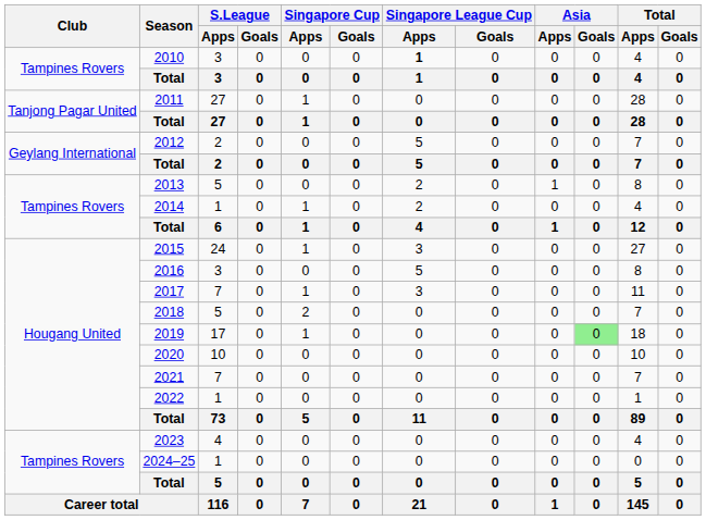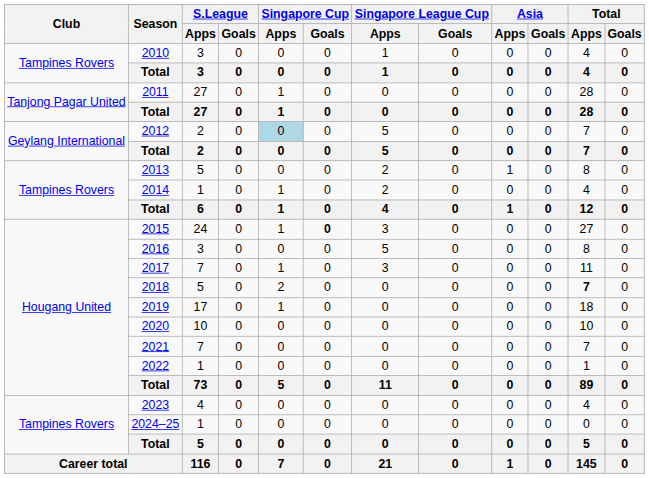 <table style="text-align:center" class="wikitable">
 <tr>
 <th rowspan="2">Club</th>
 <th rowspan="2">Season</th>
 <th colspan="2"><a href='#'>S.League</a></th>
 <th colspan="2"><a href='#'>Singapore Cup</a></th>
 <th colspan="2"><a href='#'>Singapore League Cup</a></th>
 <th colspan="2"><a href='#'>Asia</a></th>
 <th colspan="2">Total</th>
 </tr>
 <tr>
 <th>Apps</th>
 <th>Goals</th>
 <th>Apps</th>
 <th>Goals</th>
 <th>Apps</th>
 <th>Goals</th>
 <th>Apps</th>
 <th>Goals</th>
 <th>Apps</th>
 <th>Goals</th>
 </tr>
 <tr>
 <td rowspan="2"><a href='#'>Tampines Rovers</a></td>
 <td><a href='#'>2010</a></td>
 <td>3</td>
 <td>0</td>
 <td>0</td>
 <td>0</td>
-<td><strong>1</strong></td>
+<td>1</td>
 <td>0</td>
 <td>0</td>
 <td>0</td>
 <td>4</td>
 <td>0</td>
 </tr>
 <tr>
 <th>Total</th>
 <th>3</th>
 <th>0</th>
 <th>0</th>
 <th>0</th>
 <th>1</th>
 <th>0</th>
 <th>0</th>
 <th>0</th>
 <th>4</th>
 <th>0</th>
 </tr>
 <tr>
 <td rowspan="2"><a href='#'>Tanjong Pagar United</a></td>
 <td><a href='#'>2011</a></td>
 <td>27</td>
 <td>0</td>
 <td>1</td>
 <td>0</td>
 <td>0</td>
 <td>0</td>
 <td>0</td>
 <td>0</td>
 <td>28</td>
 <td>0</td>
 </tr>
 <tr>
 <th>Total</th>
 <th>27</th>
 <th>0</th>
 <th>1</th>
 <th>0</th>
 <th>0</th>
 <th>0</th>
 <th>0</th>
 <th>0</th>
 <th>28</th>
 <th>0</th>
 </tr>
 <tr>
 <td rowspan="2"><a href='#'>Geylang International</a></td>
 <td><a href='#'>2012</a></td>
 <td>2</td>
 <td>0</td>
-<td>0</td>
+<td style="background: lightblue;">0</td>
 <td>0</td>
 <td>5</td>
 <td>0</td>
 <td>0</td>
 <td>0</td>
 <td>7</td>
 <td>0</td>
 </tr>
 <tr>
 <th>Total</th>
 <th>2</th>
 <th>0</th>
 <th>0</th>
 <th>0</th>
 <th>5</th>
 <th>0</th>
 <th>0</th>
 <th>0</th>
 <th>7</th>
 <th>0</th>
 </tr>
 <tr>
 <td rowspan="3"><a href='#'>Tampines Rovers</a></td>
 <td><a href='#'>2013</a></td>
 <td>5</td>
 <td>0</td>
 <td>0</td>
 <td>0</td>
 <td>2</td>
 <td>0</td>
 <td>1</td>
 <td>0</td>
 <td>8</td>
 <td>0</td>
 </tr>
 <tr>
 <td><a href='#'>2014</a></td>
 <td>1</td>
 <td>0</td>
 <td>1</td>
 <td>0</td>
 <td>2</td>
 <td>0</td>
 <td>0</td>
 <td>0</td>
 <td>4</td>
 <td>0</td>
 </tr>
 <tr>
 <th>Total</th>
 <th>6</th>
 <th>0</th>
 <th>1</th>
 <th>0</th>
 <th>4</th>
 <th>0</th>
 <th>1</th>
 <th>0</th>
 <th>12</th>
 <th>0</th>
 </tr>
 <tr>
 <td rowspan="9"><a href='#'>Hougang United</a></td>
 <td><a href='#'>2015</a></td>
 <td>24</td>
 <td>0</td>
 <td>1</td>
-<td>0</td>
+<td><strong>0</strong></td>
 <td>3</td>
 <td>0</td>
 <td>0</td>
 <td>0</td>
 <td>27</td>
 <td>0</td>
 </tr>
 <tr>
 <td><a href='#'>2016</a></td>
 <td>3</td>
 <td>0</td>
 <td>0</td>
 <td>0</td>
 <td>5</td>
 <td>0</td>
 <td>0</td>
 <td>0</td>
 <td>8</td>
 <td>0</td>
 </tr>
 <tr>
 <td><a href='#'>2017</a></td>
 <td>7</td>
 <td>0</td>
 <td>1</td>
 <td>0</td>
 <td>3</td>
 <td>0</td>
 <td>0</td>
 <td>0</td>
 <td>11</td>
 <td>0</td>
 </tr>
 <tr>
 <td><a href='#'>2018</a></td>
 <td>5</td>
 <td>0</td>
 <td>2</td>
 <td>0</td>
 <td>0</td>
 <td>0</td>
 <td>0</td>
 <td>0</td>
-<td>7</td>
+<td><strong>7</strong></td>
 <td>0</td>
 </tr>
 <tr>
 <td><a href='#'>2019</a></td>
 <td>17</td>
 <td>0</td>
 <td>1</td>
 <td>0</td>
 <td>0</td>
 <td>0</td>
 <td>0</td>
-<td style="background: lightgreen;">0</td>
+<td>0</td>
 <td>18</td>
 <td>0</td>
 </tr>
 <tr>
 <td><a href='#'>2020</a></td>
 <td>10</td>
 <td>0</td>
 <td>0</td>
 <td>0</td>
 <td>0</td>
 <td>0</td>
 <td>0</td>
 <td>0</td>
 <td>10</td>
 <td>0</td>
 </tr>
 <tr>
 <td><a href='#'>2021</a></td>
 <td>7</td>
 <td>0</td>
 <td>0</td>
 <td>0</td>
 <td>0</td>
 <td>0</td>
 <td>0</td>
 <td>0</td>
 <td>7</td>
 <td>0</td>
 </tr>
 <tr>
 <td><a href='#'>2022</a></td>
 <td>1</td>
 <td>0</td>
 <td>0</td>
 <td>0</td>
 <td>0</td>
 <td>0</td>
 <td>0</td>
 <td>0</td>
 <td>1</td>
 <td>0</td>
 </tr>
 <tr>
 <th>Total</th>
 <th>73</th>
 <th>0</th>
 <th>5</th>
 <th>0</th>
 <th>11</th>
 <th>0</th>
 <th>0</th>
 <th>0</th>
 <th>89</th>
 <th>0</th>
 </tr>
 <tr>
 <td rowspan="3"><a href='#'>Tampines Rovers</a></td>
 <td><a href='#'>2023</a></td>
 <td>4</td>
 <td>0</td>
 <td>0</td>
 <td>0</td>
 <td>0</td>
 <td>0</td>
 <td>0</td>
 <td>0</td>
 <td>4</td>
 <td>0</td>
 </tr>
 <tr>
 <td><a href='#'>2024–25</a></td>
 <td>1</td>
 <td>0</td>
 <td>0</td>
 <td>0</td>
 <td>0</td>
 <td>0</td>
 <td>0</td>
 <td>0</td>
 <td>0</td>
 <td>0</td>
 </tr>
 <tr>
 <th>Total</th>
 <th>5</th>
 <th>0</th>
 <th>0</th>
 <th>0</th>
 <th>0</th>
 <th>0</th>
 <th>0</th>
 <th>0</th>
 <th>5</th>
 <th>0</th>
 </tr>
 <tr>
 <th colspan="2">Career total</th>
 <th>116</th>
 <th>0</th>
 <th>7</th>
 <th>0</th>
 <th>21</th>
 <th>0</th>
 <th>1</th>
 <th>0</th>
 <th>145</th>
 <th>0</th>
 </tr>
 </table>
